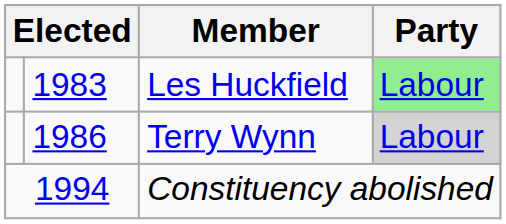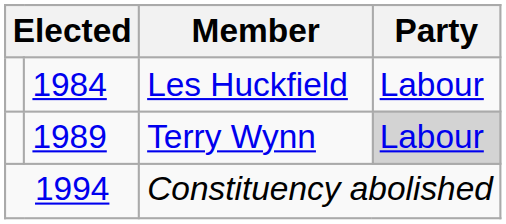 <table class="wikitable">
 <tr>
 <th colspan = "2">Elected</th>
 <th>Member</th>
 <th>Party</th>
 </tr>
 <tr>
 <td style="background-color: "></td>
-<td><a href='#'>1983</a></td>
+<td><a href='#'>1984</a></td>
 <td><a href='#'>Les Huckfield</a></td>
-<td style="background: lightgreen;"><a href='#'>Labour</a></td>
+<td><a href='#'>Labour</a></td>
 </tr>
 <tr>
 <td style="background-color: "></td>
-<td><a href='#'>1986</a></td>
+<td><a href='#'>1989</a></td>
 <td><a href='#'>Terry Wynn</a></td>
 <td style="background: lightgrey;"><a href='#'>Labour</a></td>
 </tr>
 <tr>
 <td colspan="2" align="center"><a href='#'>1994</a></td>
 <td colspan="2"><em>Constituency abolished</em></td>
 </tr>
 </table>
